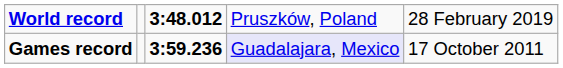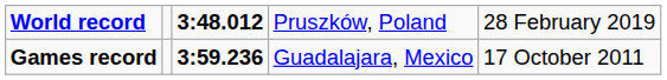 <table class="wikitable">
 <tr>
 <td><a href='#'><strong>World record</strong></a></td>
 <td></td>
 <td><strong>3:48.012</strong></td>
 <td><a href='#'>Pruszków</a>, <a href='#'>Poland</a></td>
 <td>28 February 2019</td>
 </tr>
 <tr>
 <td><strong>Games record</strong></td>
 <td></td>
 <td><strong>3:59.236</strong></td>
-<td style="background: lavender;"><a href='#'>Guadalajara</a>, <a href='#'>Mexico</a></td>
+<td><a href='#'>Guadalajara</a>, <a href='#'>Mexico</a></td>
 <td>17 October 2011</td>
 </tr>
 </table>
